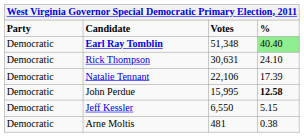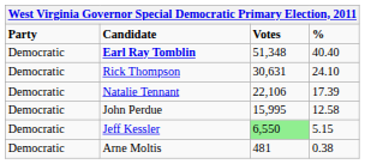 <table class="wikitable">
 <tr>
 <th colspan="4"><a href='#'>West Virginia Governor Special Democratic Primary Election, 2011</a></th>
 </tr>
 <tr>
 <td><strong>Party</strong></td>
 <td><strong>Candidate</strong></td>
 <td><strong>Votes</strong></td>
 <td><strong>%</strong></td>
 </tr>
 <tr>
 <td>Democratic</td>
 <td><strong><a href='#'>Earl Ray Tomblin</a></strong></td>
 <td>51,348</td>
-<td style="background: lightgreen;">40.40</td>
+<td>40.40</td>
 </tr>
 <tr>
 <td>Democratic</td>
 <td><a href='#'>Rick Thompson</a></td>
 <td>30,631</td>
 <td>24.10</td>
 </tr>
 <tr>
 <td>Democratic</td>
 <td><a href='#'>Natalie Tennant</a></td>
 <td>22,106</td>
 <td>17.39</td>
 </tr>
 <tr>
 <td>Democratic</td>
 <td>John Perdue</td>
 <td>15,995</td>
-<td><strong>12.58</strong></td>
+<td>12.58</td>
 </tr>
 <tr>
 <td>Democratic</td>
 <td><a href='#'>Jeff Kessler</a></td>
-<td>6,550</td>
+<td style="background: lightgreen;">6,550</td>
 <td>5.15</td>
 </tr>
 <tr>
 <td>Democratic</td>
 <td>Arne Moltis</td>
 <td>481</td>
 <td>0.38</td>
 </tr>
 </table>
